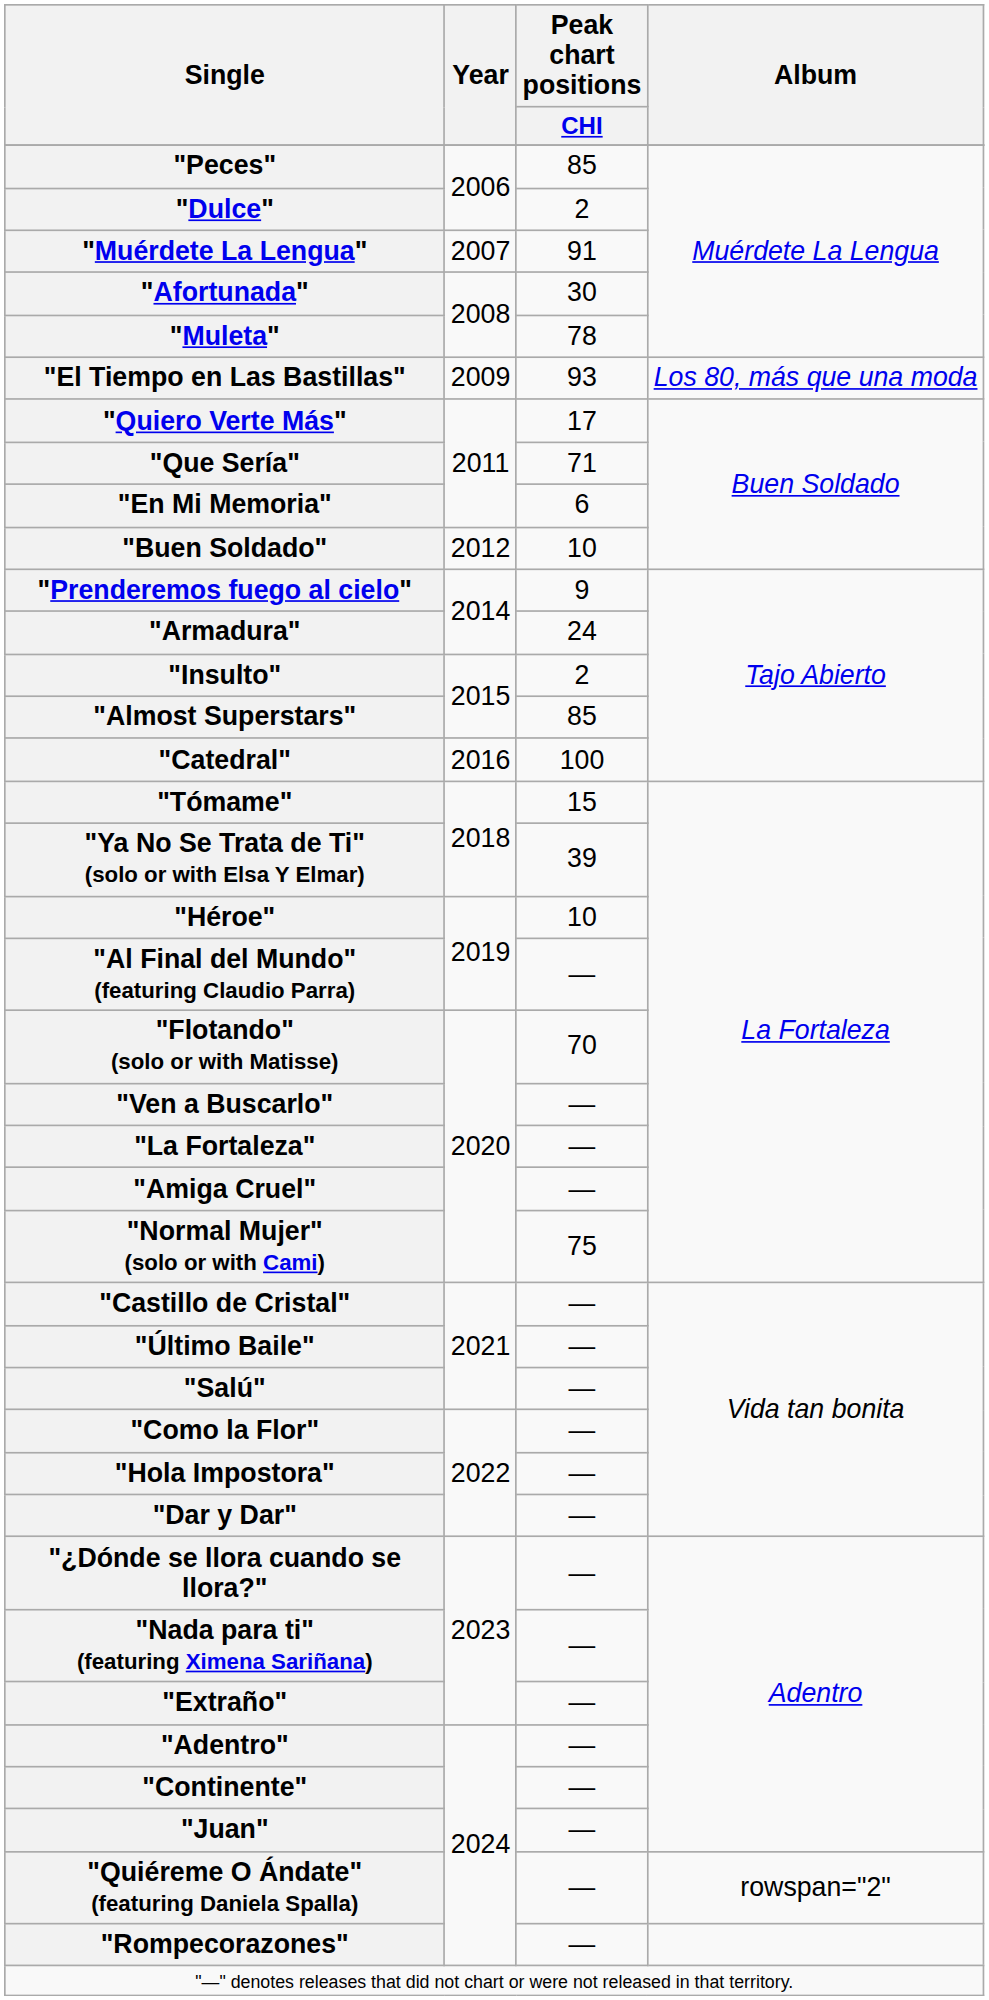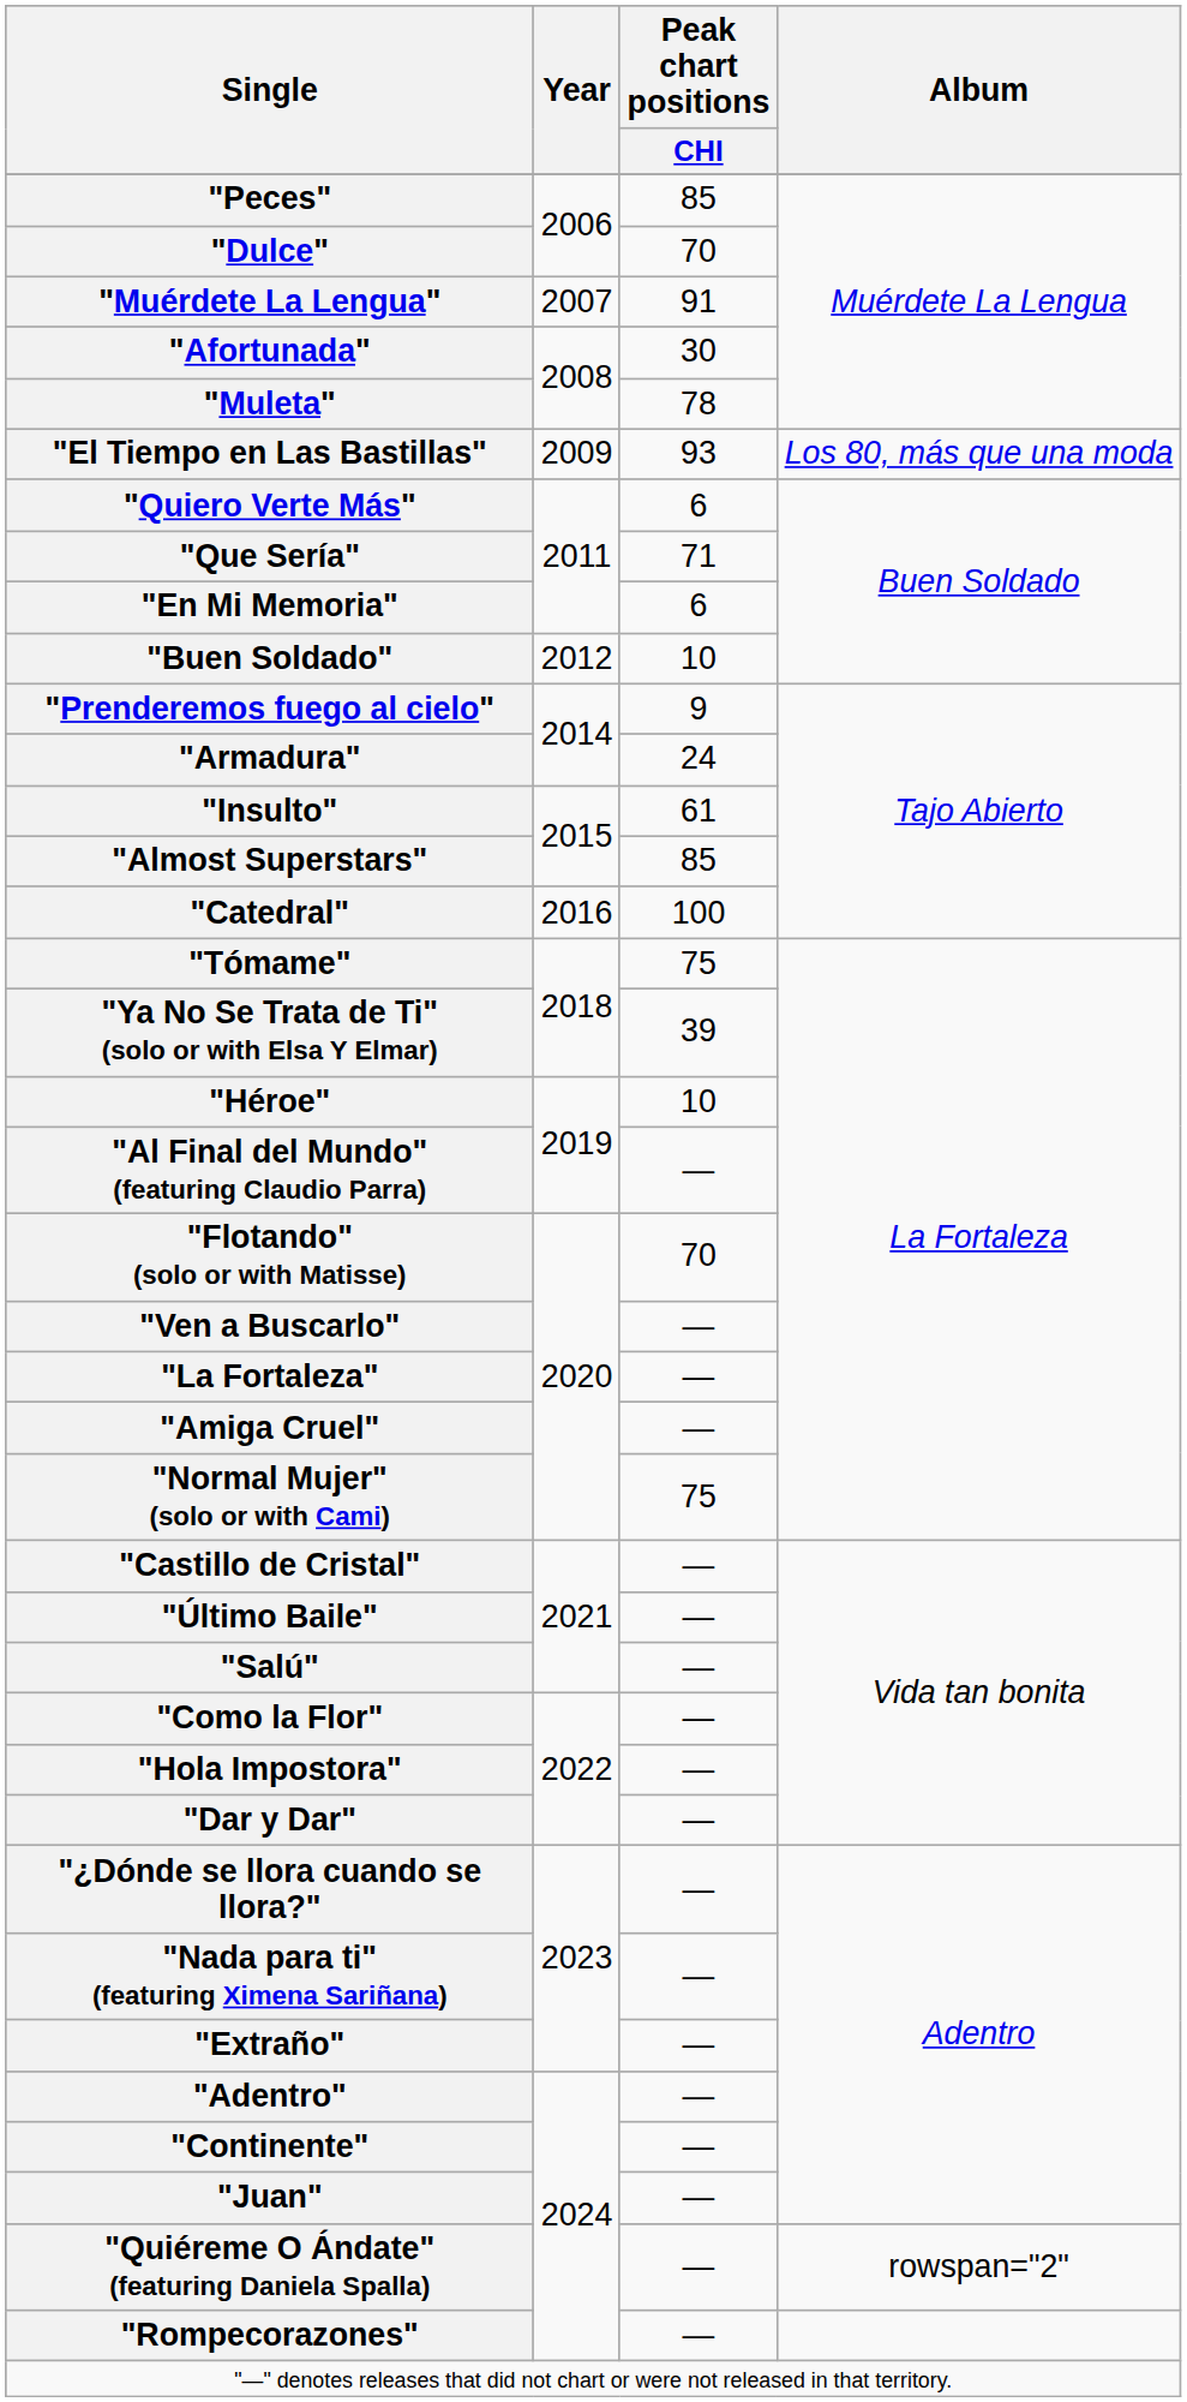 <table class="wikitable plainrowheaders" style="text-align:center;" border="1">
 <tr>
 <th scope="col" rowspan="2" style="width:16em;">Single</th>
 <th scope="col" rowspan="2">Year</th>
 <th scope="col" colspan="1">Peak chart positions</th>
 <th scope="col" rowspan="2">Album</th>
 </tr>
 <tr>
 <th scope="col" style="width:3em;font-size:90%;"><a href='#'>CHI</a><br></th>
 </tr>
 <tr>
 </tr>
 <tr>
 <th scope="row">"Peces"</th>
 <td rowspan=2>2006</td>
 <td>85</td>
 <td rowspan="5"><em><a href='#'>Muérdete La Lengua</a></em></td>
 </tr>
 <tr>
 <th scope="row">"<a href='#'>Dulce</a>"</th>
-<td>2</td>
+<td>70</td>
 </tr>
 <tr>
 <th scope="row">"<a href='#'>Muérdete La Lengua</a>"</th>
 <td>2007</td>
 <td>91</td>
 </tr>
 <tr>
 <th scope="row">"<a href='#'>Afortunada</a>"</th>
 <td rowspan=2>2008</td>
 <td>30</td>
 </tr>
 <tr>
 <th scope="row">"<a href='#'>Muleta</a>"</th>
 <td>78</td>
 </tr>
 <tr>
 <th scope="row">"El Tiempo en Las Bastillas"</th>
 <td rowspan=1>2009</td>
 <td>93</td>
 <td rowspan="1"><em><a href='#'>Los 80, más que una moda</a></em></td>
 </tr>
 <tr>
 <th scope="row">"<a href='#'>Quiero Verte Más</a>"</th>
 <td rowspan=3>2011</td>
-<td>17</td>
+<td>6</td>
 <td rowspan="4"><em><a href='#'>Buen Soldado</a></em></td>
 </tr>
 <tr>
 <th scope="row">"Que Sería"</th>
 <td>71</td>
 </tr>
 <tr>
 <th scope="row">"En Mi Memoria"</th>
 <td>6</td>
 </tr>
 <tr>
 <th scope="row">"Buen Soldado"</th>
 <td>2012</td>
 <td>10</td>
 </tr>
 <tr>
 <th scope="row">"<a href='#'>Prenderemos fuego al cielo</a>"</th>
 <td rowspan=2>2014</td>
 <td>9</td>
 <td rowspan="5"><em><a href='#'>Tajo Abierto</a></em></td>
 </tr>
 <tr>
 <th scope="row">"Armadura"</th>
 <td>24</td>
 </tr>
 <tr>
 <th scope="row">"Insulto"</th>
 <td rowspan=2>2015</td>
-<td>2</td>
+<td>61</td>
 </tr>
 <tr>
 <th scope="row">"Almost Superstars"</th>
 <td>85</td>
 </tr>
 <tr>
 <th scope="row">"Catedral"</th>
 <td>2016</td>
 <td>100</td>
 </tr>
 <tr>
 <th scope="row">"Tómame"</th>
 <td rowspan=2>2018</td>
-<td>15</td>
+<td>75</td>
 <td rowspan="9"><em><a href='#'>La Fortaleza</a></em></td>
 </tr>
 <tr>
 <th scope="row">"Ya No Se Trata de Ti" <br><small>(solo or with Elsa Y Elmar)</small></th>
 <td>39</td>
 </tr>
 <tr>
 <th scope="row">"Héroe"</th>
 <td rowspan=2>2019</td>
 <td>10</td>
 </tr>
 <tr>
 <th scope="row">"Al Final del Mundo" <br><small>(featuring Claudio Parra)</small></th>
 <td>—</td>
 </tr>
 <tr>
 <th scope="row">"Flotando" <br><small>(solo or with Matisse)</small></th>
 <td rowspan="5">2020</td>
 <td>70</td>
 </tr>
 <tr>
 <th scope="row">"Ven a Buscarlo"</th>
 <td>—</td>
 </tr>
 <tr>
 <th scope="row">"La Fortaleza"</th>
 <td>—</td>
 </tr>
 <tr>
 <th scope="row">"Amiga Cruel"</th>
 <td>—</td>
 </tr>
 <tr>
 <th scope="row">"Normal Mujer" <br><small>(solo or with <a href='#'>Cami</a>)</small></th>
 <td>75</td>
 </tr>
 <tr>
 <th scope="row">"Castillo de Cristal"</th>
 <td rowspan="3">2021</td>
 <td>—</td>
 <td rowspan="6"><em>Vida tan bonita</em></td>
 </tr>
 <tr>
 <th scope="row">"Último Baile"</th>
 <td>—</td>
 </tr>
 <tr>
 <th scope="row">"Salú"</th>
 <td>—</td>
 </tr>
 <tr>
 <th scope="row">"Como la Flor"</th>
 <td rowspan="3">2022</td>
 <td>—</td>
 </tr>
 <tr>
 <th scope="row">"Hola Impostora"</th>
 <td>—</td>
 </tr>
 <tr>
 <th scope="row">"Dar y Dar"</th>
 <td>—</td>
 </tr>
 <tr>
 <th scope="row">"¿Dónde se llora cuando se llora?"</th>
 <td rowspan="3">2023</td>
 <td>—</td>
 <td rowspan="6"><em><a href='#'>Adentro</a></em></td>
 </tr>
 <tr>
 <th scope="row">"Nada para ti" <br><small>(featuring <a href='#'>Ximena Sariñana</a>)</small></th>
 <td>—</td>
 </tr>
 <tr>
 <th scope="row">"Extraño"</th>
 <td>—</td>
 </tr>
 <tr>
 <th scope="row">"Adentro"</th>
 <td rowspan="5">2024</td>
 <td>—</td>
 </tr>
 <tr>
 <th scope="row">"Continente"</th>
 <td>—</td>
 </tr>
 <tr>
 <th scope="row">"Juan"</th>
 <td>—</td>
 </tr>
 <tr>
 <th scope="row">"Quiéreme O Ándate" <br><small>(featuring Daniela Spalla)</small></th>
 <td>—</td>
 <td>rowspan="2" </td>
 </tr>
 <tr>
 <th scope="row">"Rompecorazones"</th>
 <td>—</td>
 </tr>
 <tr>
 <td align="center" colspan="13" style="font-size:8pt">"—" denotes releases that did not chart or were not released in that territory.</td>
 </tr>
 </table>
